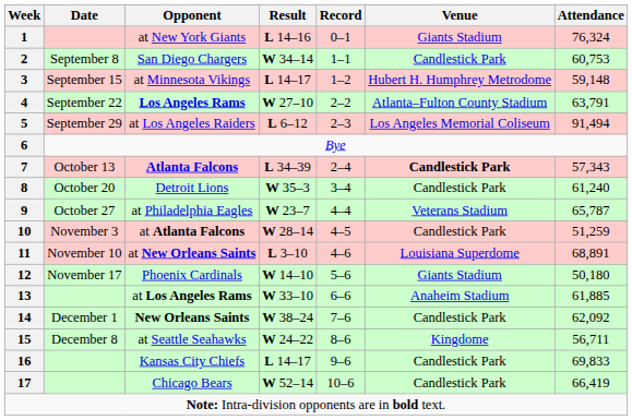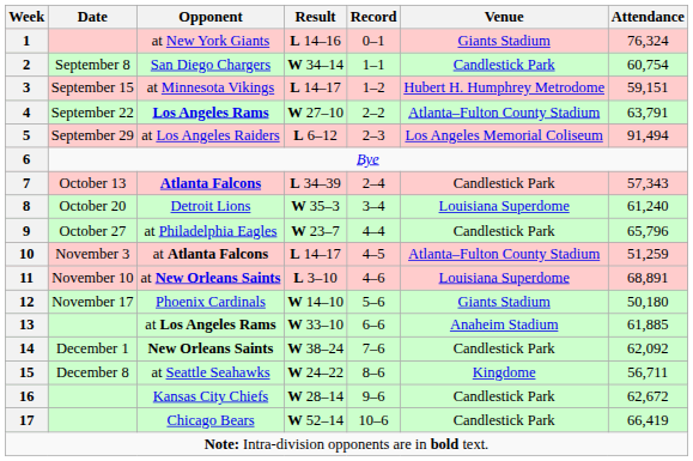 <table class="wikitable" style="text-align:center">
 <tr>
 <th>Week</th>
 <th>Date</th>
 <th>Opponent</th>
 <th>Result</th>
 <th>Record</th>
 <th>Venue</th>
 <th>Attendance</th>
 </tr>
 <tr style="background:#fcc">
 <th>1</th>
 <td></td>
 <td>at <a href='#'>New York Giants</a></td>
 <td><strong>L</strong> 14–16</td>
 <td>0–1</td>
 <td><a href='#'>Giants Stadium</a></td>
 <td>76,324</td>
 </tr>
 <tr style="background:#cfc">
 <th>2</th>
 <td>September 8</td>
 <td><a href='#'>San Diego Chargers</a></td>
 <td><strong>W</strong> 34–14</td>
 <td>1–1</td>
 <td><a href='#'>Candlestick Park</a></td>
-<td>60,753</td>
+<td>60,754</td>
 </tr>
 <tr style="background:#fcc">
 <th>3</th>
 <td>September 15</td>
 <td>at <a href='#'>Minnesota Vikings</a></td>
 <td><strong>L</strong> 14–17</td>
 <td>1–2</td>
 <td><a href='#'>Hubert H. Humphrey Metrodome</a></td>
-<td>59,148</td>
+<td>59,151</td>
 </tr>
 <tr style="background:#cfc">
 <th>4</th>
 <td>September 22</td>
 <td><strong><a href='#'>Los Angeles Rams</a></strong></td>
 <td><strong>W</strong> 27–10</td>
 <td>2–2</td>
 <td><a href='#'>Atlanta–Fulton County Stadium</a></td>
 <td>63,791</td>
 </tr>
 <tr style="background:#fcc">
 <th>5</th>
 <td>September 29</td>
 <td>at <a href='#'>Los Angeles Raiders</a></td>
 <td><strong>L</strong> 6–12</td>
 <td>2–3</td>
 <td><a href='#'>Los Angeles Memorial Coliseum</a></td>
 <td>91,494</td>
 </tr>
 <tr>
 <th>6</th>
 <td colspan="6"><em><a href='#'>Bye</a></em></td>
 </tr>
 <tr style="background:#fcc">
 <th>7</th>
 <td>October 13</td>
 <td><strong><a href='#'>Atlanta Falcons</a></strong></td>
 <td><strong>L</strong> 34–39</td>
 <td>2–4</td>
-<td><strong>Candlestick Park</strong></td>
+<td>Candlestick Park</td>
 <td>57,343</td>
 </tr>
 <tr style="background:#cfc">
 <th>8</th>
 <td>October 20</td>
 <td><a href='#'>Detroit Lions</a></td>
 <td><strong>W</strong> 35–3</td>
 <td>3–4</td>
-<td>Candlestick Park</td>
+<td><a href='#'>Louisiana Superdome</a></td>
 <td>61,240</td>
 </tr>
 <tr style="background:#cfc">
 <th>9</th>
 <td>October 27</td>
 <td>at <a href='#'>Philadelphia Eagles</a></td>
 <td><strong>W</strong> 23–7</td>
 <td>4–4</td>
-<td><a href='#'>Veterans Stadium</a></td>
-<td>65,787</td>
+<td>Candlestick Park</td>
+<td>65,796</td>
 </tr>
 <tr style="background:#fcc">
 <th>10</th>
 <td>November 3</td>
 <td>at <strong>Atlanta Falcons</strong></td>
-<td><strong>W</strong> 28–14</td>
+<td><strong>L</strong> 14–17</td>
 <td>4–5</td>
-<td>Candlestick Park</td>
+<td><a href='#'>Atlanta–Fulton County Stadium</a></td>
 <td>51,259</td>
 </tr>
 <tr style="background:#fcc">
 <th>11</th>
 <td>November 10</td>
 <td>at <strong><a href='#'>New Orleans Saints</a></strong></td>
 <td><strong>L</strong> 3–10</td>
 <td>4–6</td>
 <td><a href='#'>Louisiana Superdome</a></td>
 <td>68,891</td>
 </tr>
 <tr style="background:#cfc">
 <th>12</th>
 <td>November 17</td>
 <td><a href='#'>Phoenix Cardinals</a></td>
 <td><strong>W</strong> 14–10</td>
 <td>5–6</td>
 <td><a href='#'>Giants Stadium</a></td>
 <td>50,180</td>
 </tr>
 <tr style="background:#cfc">
 <th>13</th>
 <td></td>
 <td>at <strong>Los Angeles Rams</strong></td>
 <td><strong>W</strong> 33–10</td>
 <td>6–6</td>
 <td><a href='#'>Anaheim Stadium</a></td>
 <td>61,885</td>
 </tr>
 <tr style="background:#cfc">
 <th>14</th>
 <td>December 1</td>
 <td><strong>New Orleans Saints</strong></td>
 <td><strong>W</strong> 38–24</td>
 <td>7–6</td>
 <td>Candlestick Park</td>
 <td>62,092</td>
 </tr>
 <tr style="background:#cfc">
 <th>15</th>
 <td>December 8</td>
 <td>at <a href='#'>Seattle Seahawks</a></td>
 <td><strong>W</strong> 24–22</td>
 <td>8–6</td>
 <td><a href='#'>Kingdome</a></td>
 <td>56,711</td>
 </tr>
 <tr style="background:#cfc">
 <th>16</th>
 <td></td>
 <td><a href='#'>Kansas City Chiefs</a></td>
-<td><strong>L</strong> 14–17</td>
+<td><strong>W</strong> 28–14</td>
 <td>9–6</td>
 <td>Candlestick Park</td>
-<td>69,833</td>
+<td>62,672</td>
 </tr>
 <tr style="background:#cfc">
 <th>17</th>
 <td></td>
 <td><a href='#'>Chicago Bears</a></td>
 <td><strong>W</strong> 52–14</td>
 <td>10–6</td>
 <td>Candlestick Park</td>
 <td>66,419</td>
 </tr>
 <tr>
 <td colspan="8"><strong>Note:</strong> Intra-division opponents are in <strong>bold</strong> text.</td>
 </tr>
 </table>
